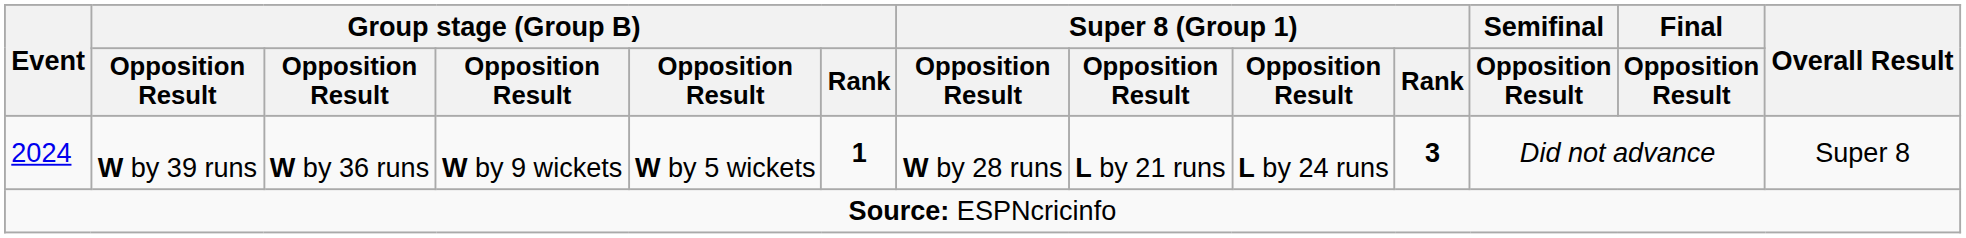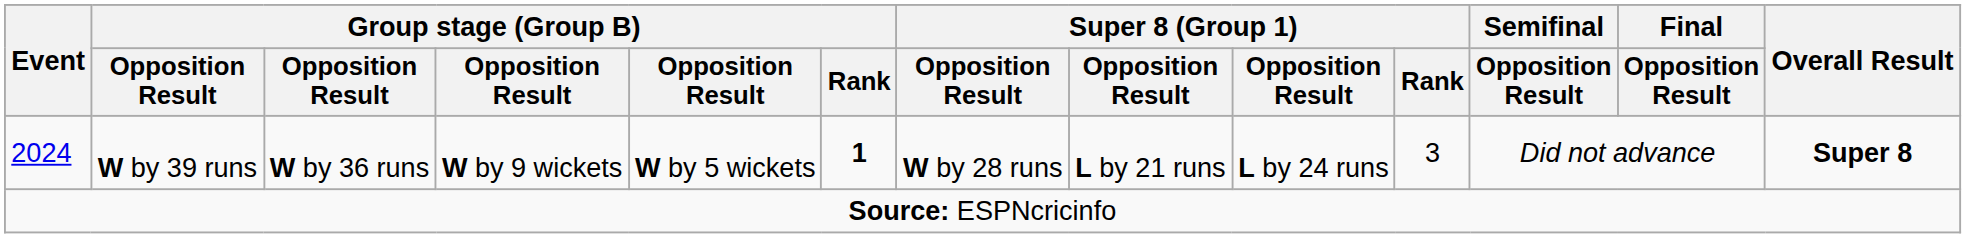 <table class=wikitable style=font-size:90%;text-align:center>
 <tr>
 <th rowspan=2>Event</th>
 <th colspan=5>Group stage (Group B)</th>
 <th colspan=4>Super 8 (Group 1)</th>
 <th>Semifinal</th>
 <th>Final</th>
 <th rowspan=2>Overall Result</th>
 </tr>
 <tr style=font-size:95%>
 <th>Opposition<br>Result</th>
 <th>Opposition<br>Result</th>
 <th>Opposition<br>Result</th>
 <th>Opposition<br>Result</th>
 <th>Rank</th>
 <th>Opposition<br>Result</th>
 <th>Opposition<br>Result</th>
 <th>Opposition<br>Result</th>
 <th>Rank</th>
 <th>Opposition<br>Result</th>
 <th>Opposition<br>Result</th>
 </tr>
 <tr>
 <td align=left><a href='#'>2024</a></td>
 <td><br><strong>W</strong> by 39 runs</td>
 <td><br><strong>W</strong> by 36 runs</td>
 <td><br><strong>W</strong> by 9 wickets</td>
 <td><br><strong>W</strong> by 5 wickets</td>
 <td><strong>1</strong></td>
 <td><br><strong>W</strong> by 28 runs</td>
 <td><br><strong>L</strong> by 21 runs</td>
 <td><br><strong>L</strong> by 24 runs</td>
-<td><strong>3</strong></td>
+<td>3</td>
 <td colspan=2><em>Did not advance</em></td>
-<td>Super 8</td>
+<td><strong>Super 8</strong></td>
 </tr>
 <tr>
 <td colspan="13"><strong>Source:</strong> ESPNcricinfo</td>
 </tr>
 </table>
